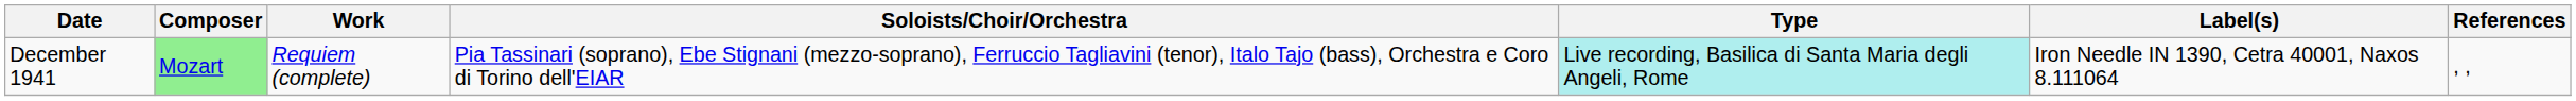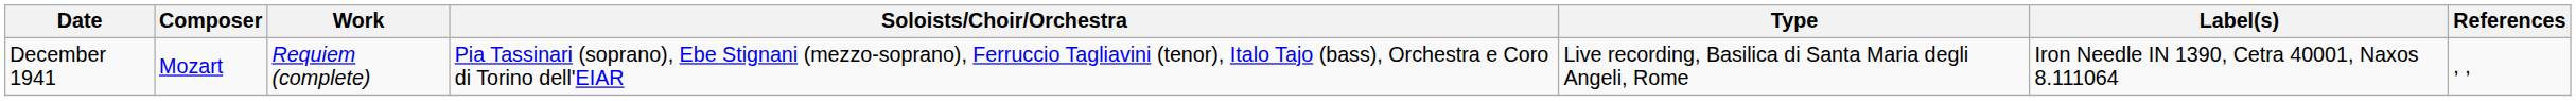 <table class="wikitable">
 <tr>
 <th>Date</th>
 <th>Composer</th>
 <th>Work</th>
 <th>Soloists/Choir/Orchestra</th>
 <th>Type</th>
 <th>Label(s)</th>
 <th>References</th>
 </tr>
 <tr>
 <td>December 1941</td>
-<td style="background: lightgreen;"><a href='#'>Mozart</a></td>
+<td><a href='#'>Mozart</a></td>
 <td><em><a href='#'>Requiem</a> (complete)</em></td>
 <td><a href='#'>Pia Tassinari</a> (soprano), <a href='#'>Ebe Stignani</a> (mezzo-soprano), <a href='#'>Ferruccio Tagliavini</a> (tenor), <a href='#'>Italo Tajo</a> (bass), Orchestra e Coro di Torino dell'<a href='#'>EIAR</a></td>
-<td style="background: paleturquoise;">Live recording, Basilica di Santa Maria degli Angeli, Rome</td>
+<td>Live recording, Basilica di Santa Maria degli Angeli, Rome</td>
 <td>Iron Needle IN 1390, Cetra 40001, Naxos 8.111064</td>
 <td>, ,</td>
 </tr>
 <tr>
 </tr>
 </table>
